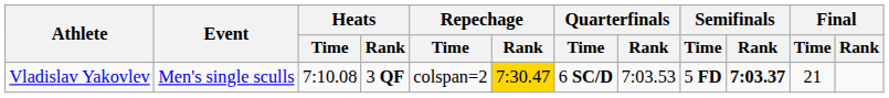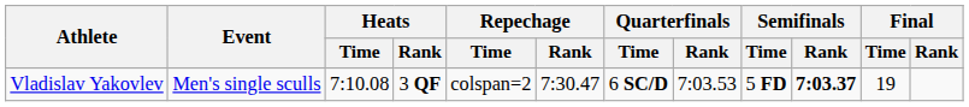 <table class="wikitable" style="font-size:90%">
 <tr>
 <th rowspan="2">Athlete</th>
 <th rowspan="2">Event</th>
 <th colspan="2">Heats</th>
 <th colspan="2">Repechage</th>
 <th colspan="2">Quarterfinals</th>
 <th colspan="2">Semifinals</th>
 <th colspan="2">Final</th>
 </tr>
 <tr style="font-size:95%">
 <th>Time</th>
 <th>Rank</th>
 <th>Time</th>
 <th>Rank</th>
 <th>Time</th>
 <th>Rank</th>
 <th>Time</th>
 <th>Rank</th>
 <th>Time</th>
 <th>Rank</th>
 </tr>
 <tr align=center>
 <td align=left><a href='#'>Vladislav Yakovlev</a></td>
 <td align=left><a href='#'>Men's single sculls</a></td>
 <td>7:10.08</td>
 <td>3 <strong>QF</strong></td>
 <td>colspan=2 </td>
-<td style="background: gold;">7:30.47</td>
+<td>7:30.47</td>
 <td>6 <strong>SC/D</strong></td>
 <td>7:03.53</td>
 <td>5 <strong>FD</strong></td>
 <td><strong>7:03.37</strong></td>
-<td>21</td>
+<td>19</td>
 </tr>
 </table>
